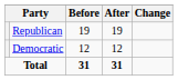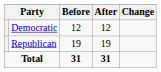 <table class="wikitable" style="text-align:center;">
 <tr>
 </tr>
 <tr>
 <th colspan=2>Party</th>
 <th>Before</th>
 <th>After</th>
 <th>Change</th>
 </tr>
 <tr>
 <th style="background-color:"></th>
-<td style="text-align:left;"><a href='#'>Republican</a></td>
-<td>19</td>
-<td>19</td>
+<td style="text-align:left;"><a href='#'>Democratic</a></td>
+<td>12</td>
+<td>12</td>
 <td></td>
 </tr>
 <tr>
 <th style="background-color:"></th>
-<td style="text-align:left;"><a href='#'>Democratic</a></td>
-<td>12</td>
-<td>12</td>
+<td style="text-align:left;"><a href='#'>Republican</a></td>
+<td>19</td>
+<td>19</td>
 <td></td>
 </tr>
 <tr>
 <td colspan=2><strong>Total</strong></td>
 <td><strong>31</strong></td>
 <td><strong>31</strong></td>
 <td></td>
 </tr>
 </table>
